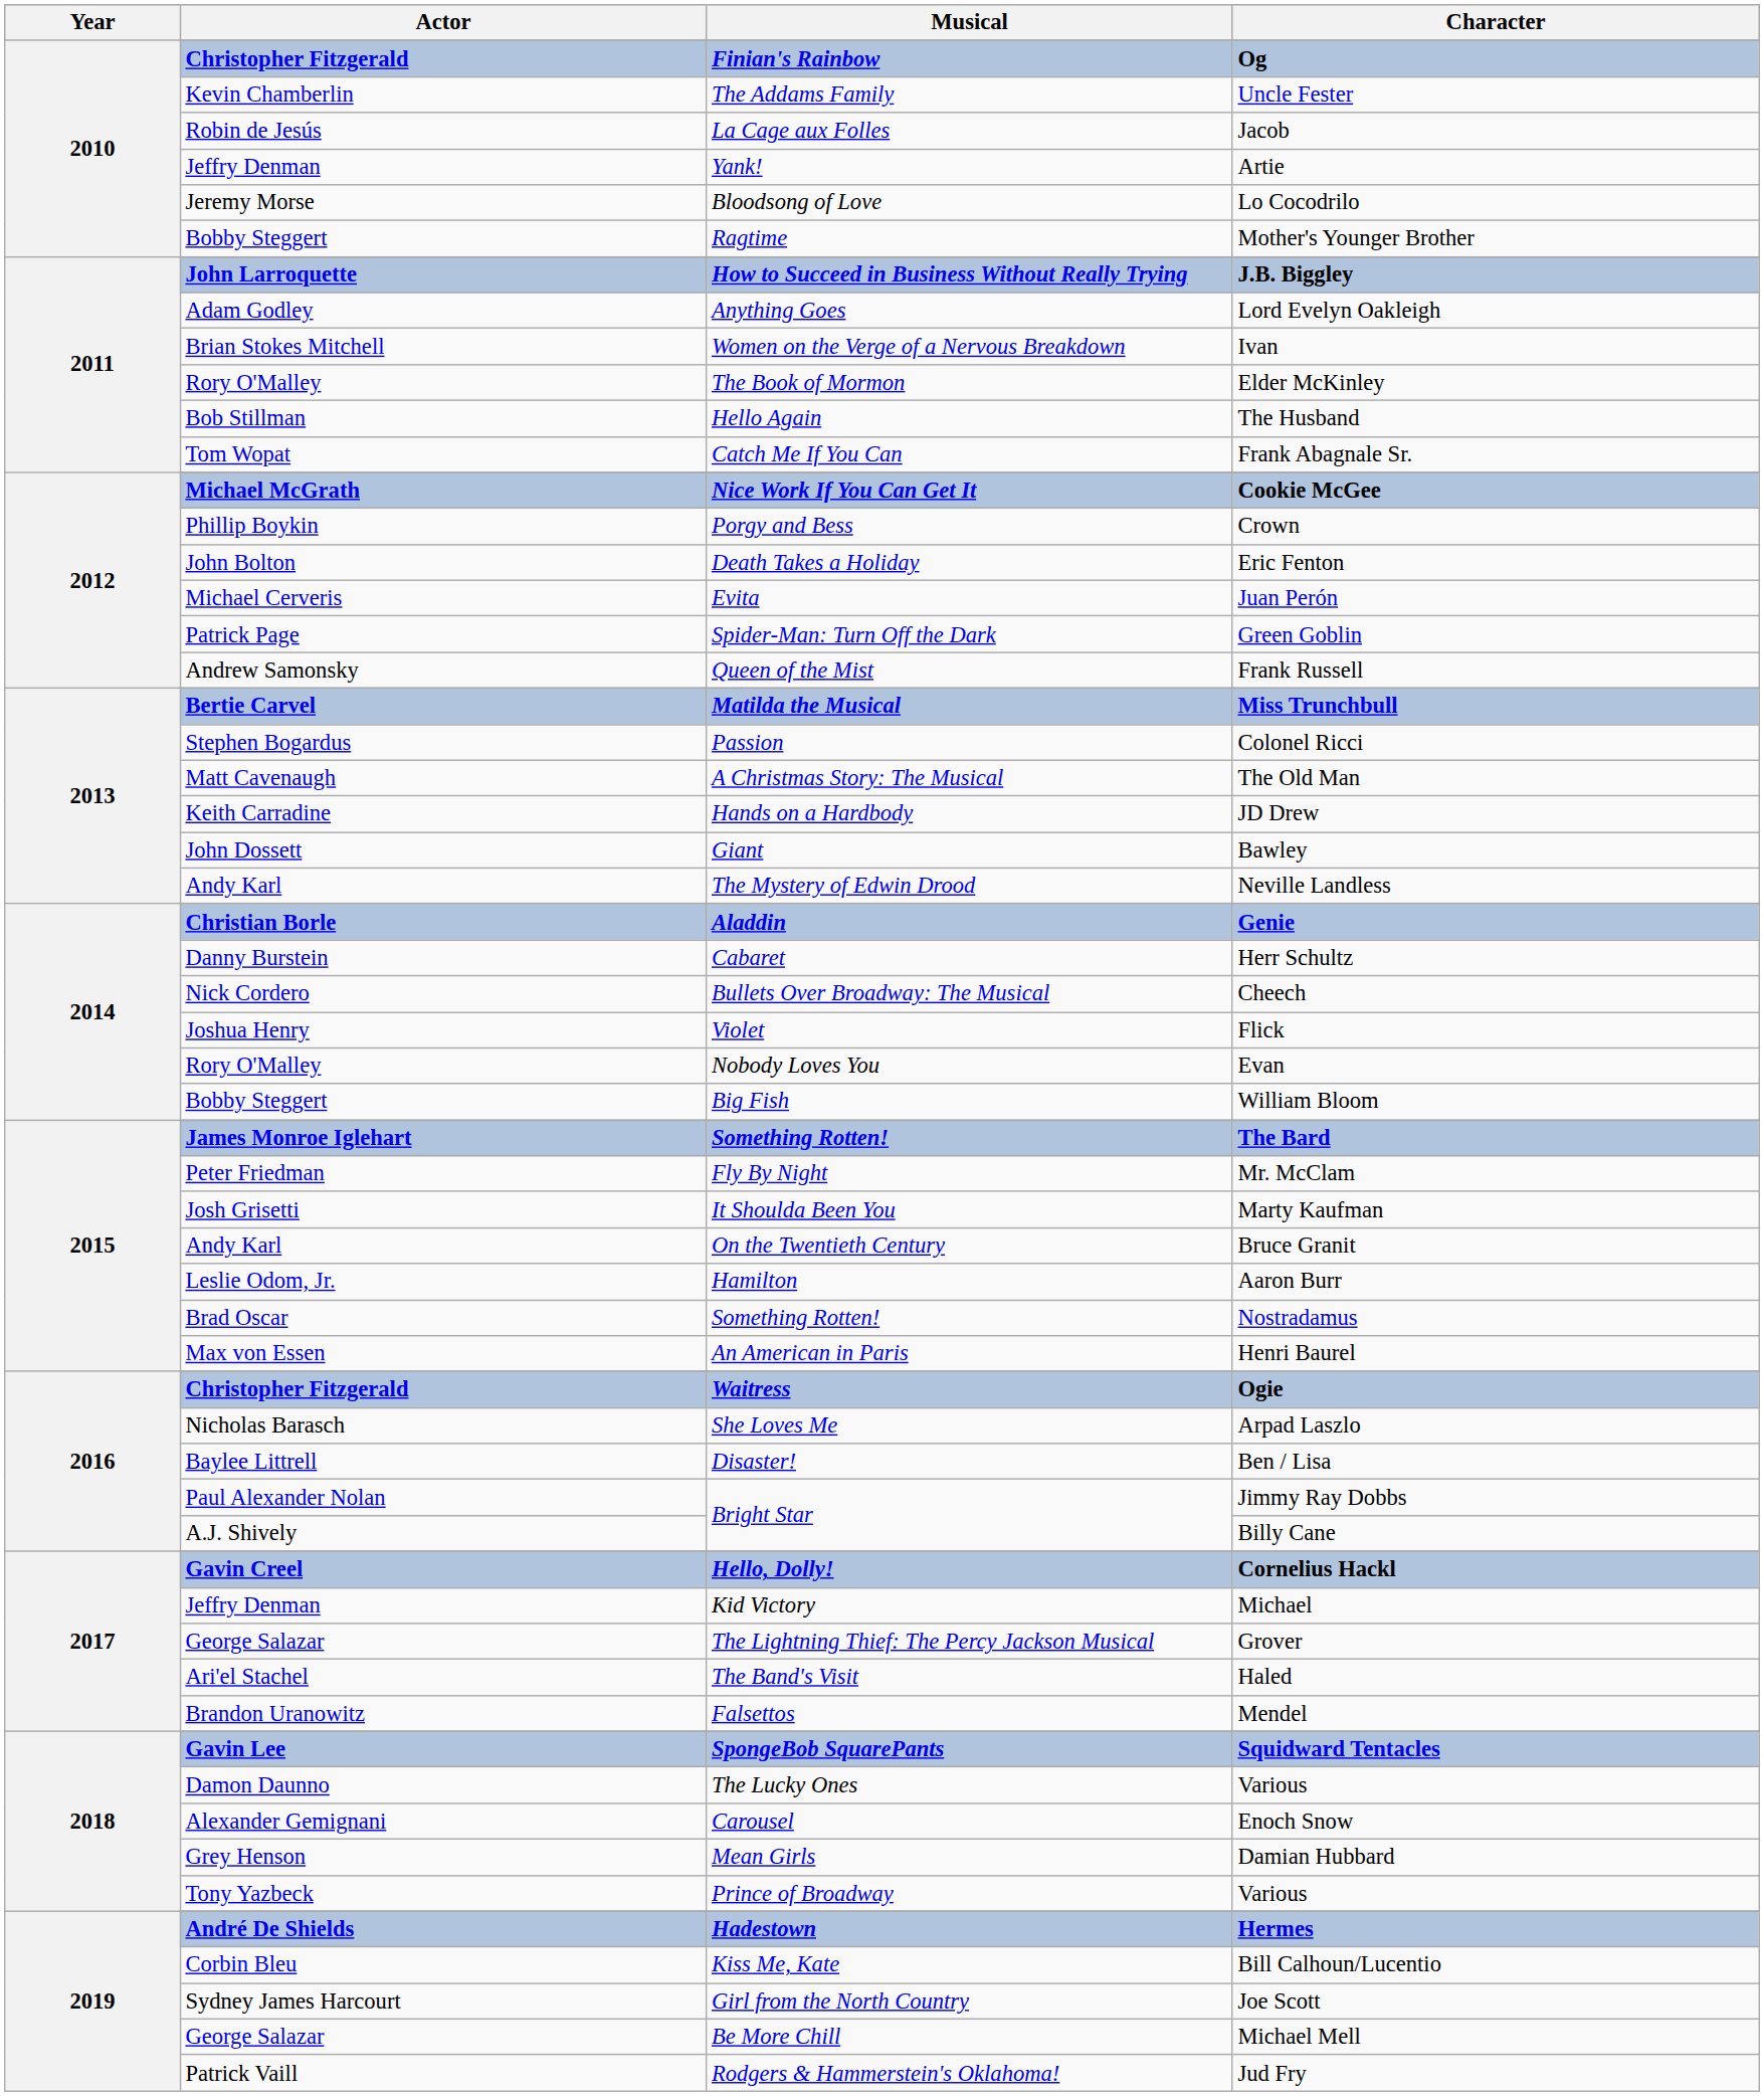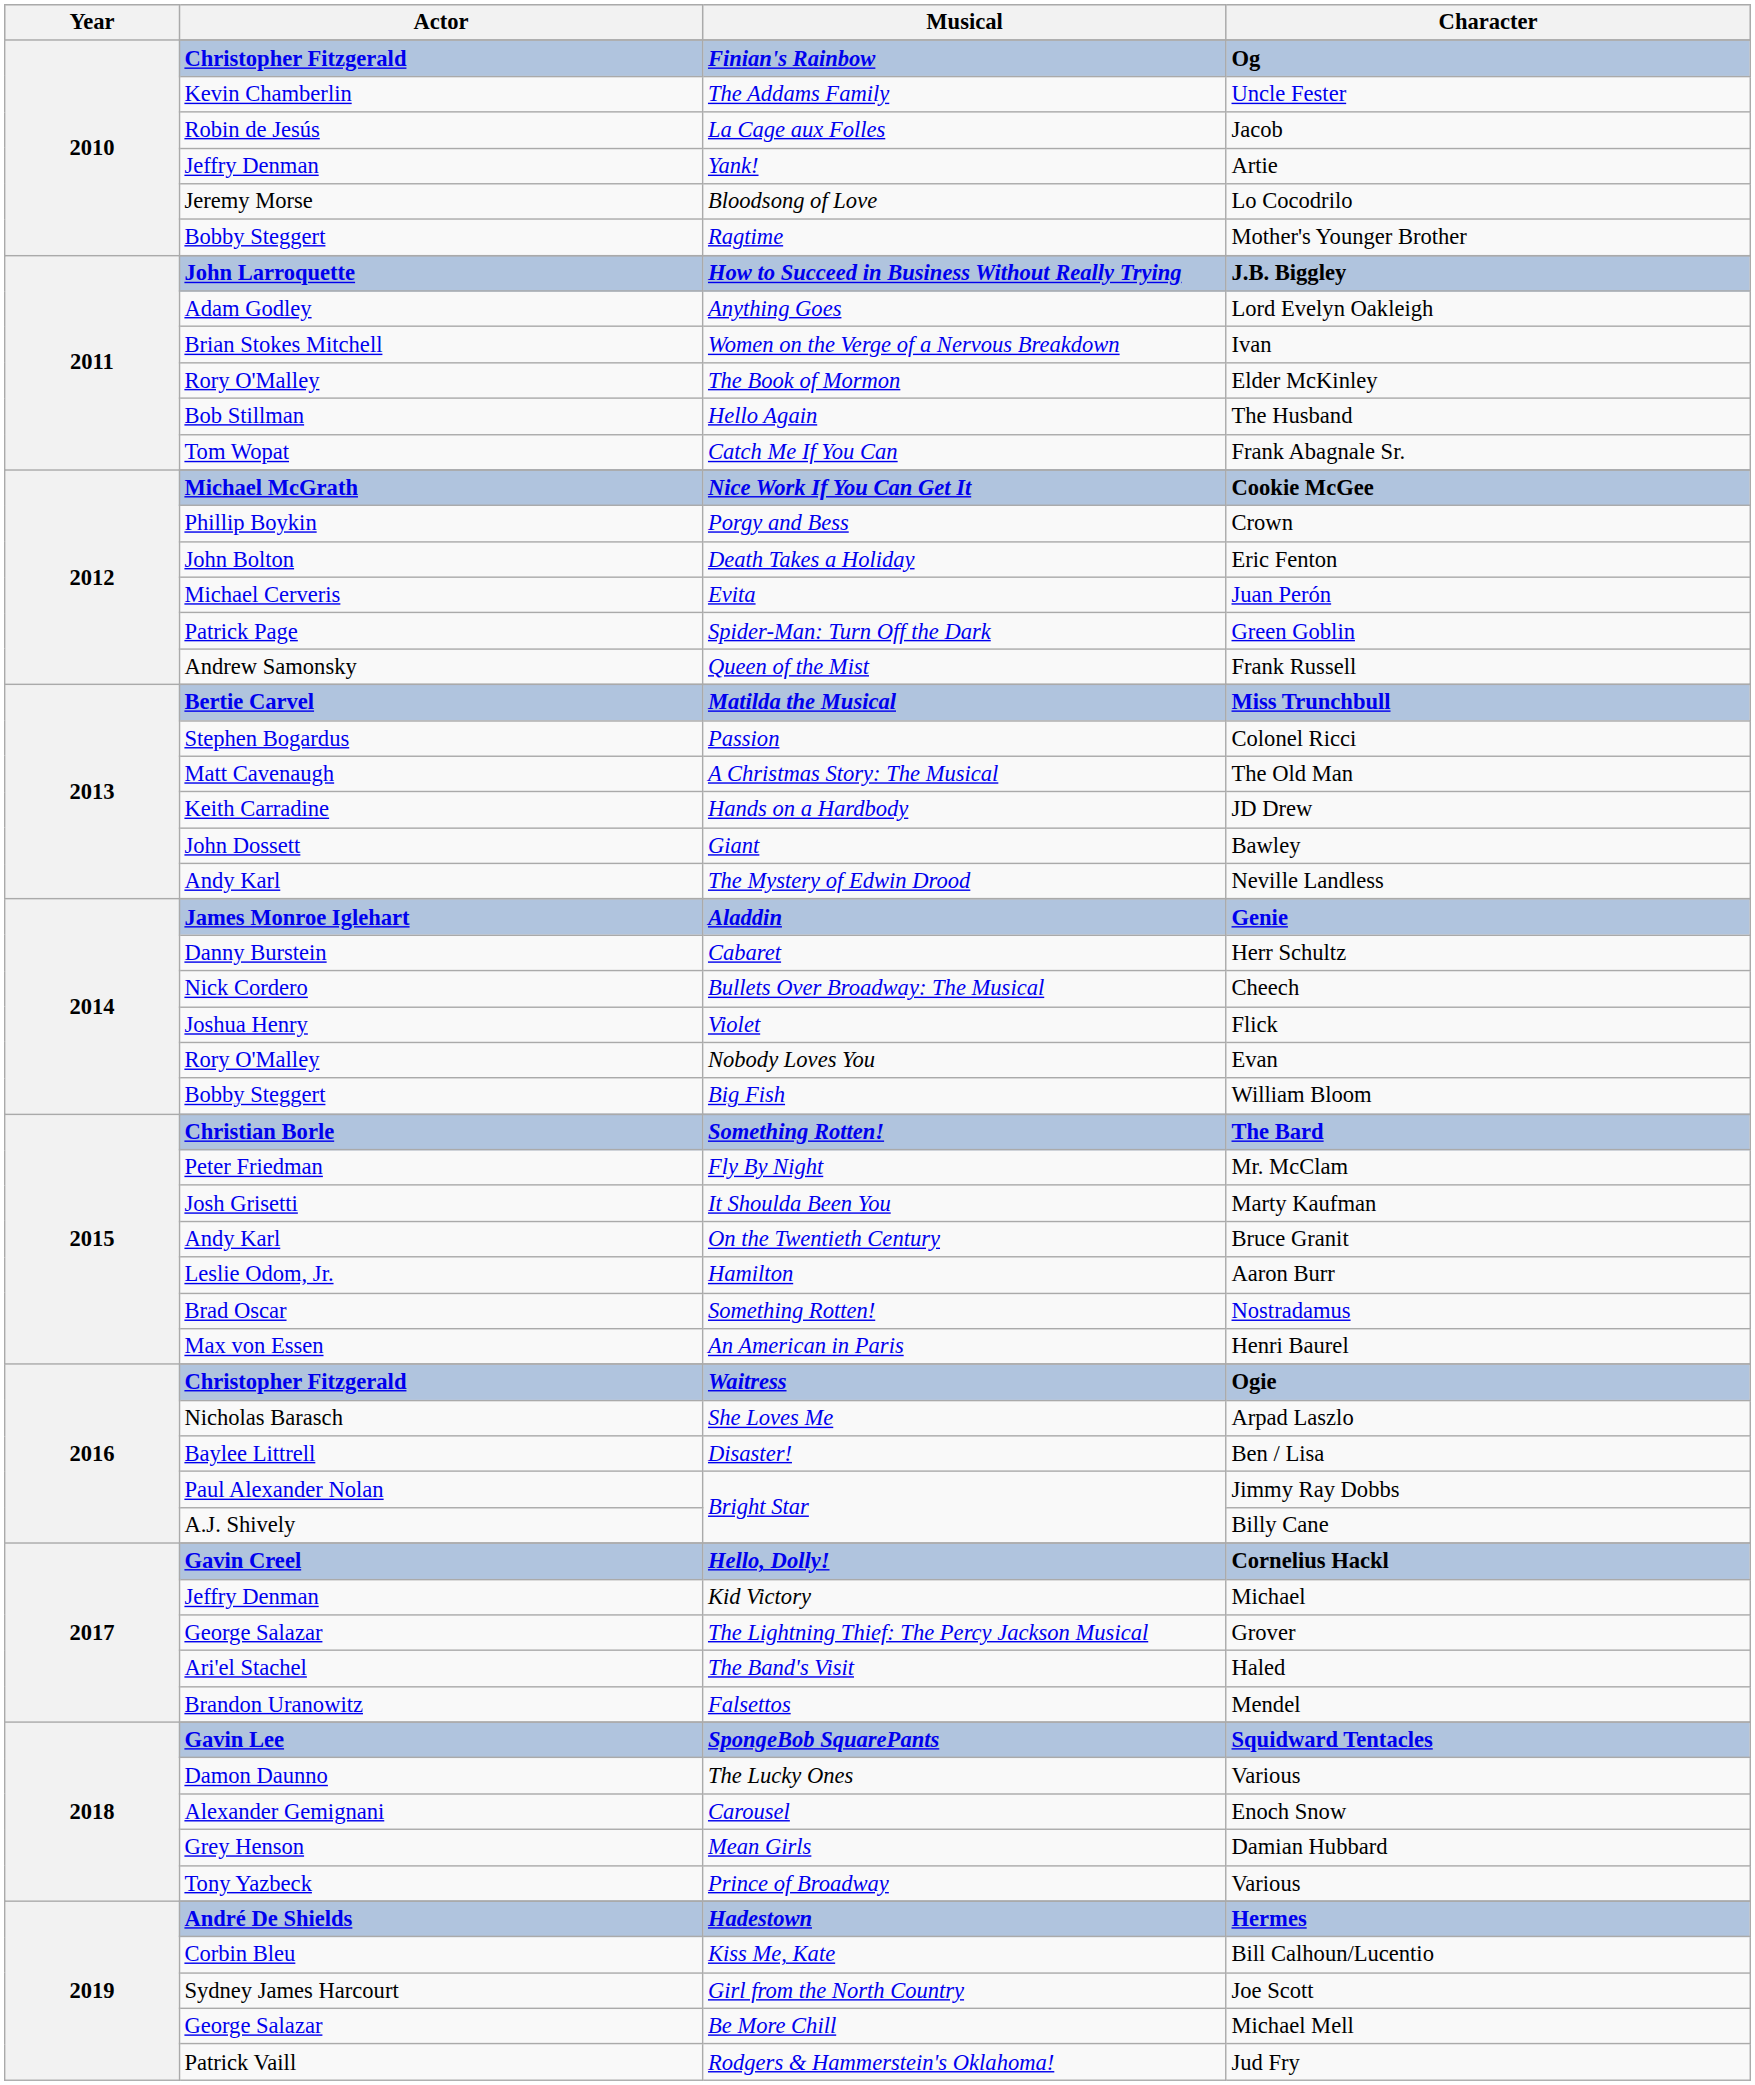 <table class="wikitable" style="width:98%;">
 <tr style="background:#bebebe;">
 <th style="width:10%;">Year</th>
 <th style="width:30%;">Actor</th>
 <th style="width:30%;">Musical</th>
 <th style="width:30%;">Character</th>
 </tr>
 <tr>
 <th rowspan="7">2010</th>
 </tr>
 <tr style="background:#B0C4DE">
 <td><strong><a href='#'>Christopher Fitzgerald</a></strong></td>
 <td><strong><em><a href='#'>Finian's Rainbow</a></em></strong></td>
 <td><strong>Og </strong></td>
 </tr>
 <tr>
 <td><a href='#'>Kevin Chamberlin</a></td>
 <td><em><a href='#'>The Addams Family</a></em></td>
 <td><a href='#'>Uncle Fester</a></td>
 </tr>
 <tr>
 <td><a href='#'>Robin de Jesús</a></td>
 <td><em><a href='#'>La Cage aux Folles</a></em></td>
 <td>Jacob</td>
 </tr>
 <tr>
 <td><a href='#'>Jeffry Denman</a></td>
 <td><em><a href='#'>Yank!</a></em></td>
 <td>Artie</td>
 </tr>
 <tr>
 <td>Jeremy Morse</td>
 <td><em>Bloodsong of Love</em></td>
 <td>Lo Cocodrilo</td>
 </tr>
 <tr>
 <td><a href='#'>Bobby Steggert</a></td>
 <td><em><a href='#'>Ragtime</a></em></td>
 <td>Mother's Younger Brother</td>
 </tr>
 <tr>
 <th rowspan="7">2011</th>
 </tr>
 <tr style="background:#B0C4DE">
 <td><strong><a href='#'>John Larroquette</a></strong></td>
 <td><strong><em><a href='#'>How to Succeed in Business Without Really Trying</a></em></strong></td>
 <td><strong>J.B. Biggley </strong></td>
 </tr>
 <tr>
 <td><a href='#'>Adam Godley</a></td>
 <td><em><a href='#'>Anything Goes</a></em></td>
 <td>Lord Evelyn Oakleigh</td>
 </tr>
 <tr>
 <td><a href='#'>Brian Stokes Mitchell</a></td>
 <td><em><a href='#'>Women on the Verge of a Nervous Breakdown</a></em></td>
 <td>Ivan</td>
 </tr>
 <tr>
 <td><a href='#'>Rory O'Malley</a></td>
 <td><em><a href='#'>The Book of Mormon</a></em></td>
 <td>Elder McKinley</td>
 </tr>
 <tr>
 <td><a href='#'>Bob Stillman</a></td>
 <td><em><a href='#'>Hello Again</a></em></td>
 <td>The Husband</td>
 </tr>
 <tr>
 <td><a href='#'>Tom Wopat</a></td>
 <td><em><a href='#'>Catch Me If You Can</a></em></td>
 <td>Frank Abagnale Sr.</td>
 </tr>
 <tr>
 <th rowspan="7">2012</th>
 </tr>
 <tr style="background:#B0C4DE">
 <td><strong><a href='#'>Michael McGrath</a></strong></td>
 <td><strong><em><a href='#'>Nice Work If You Can Get It</a></em></strong></td>
 <td><strong>Cookie McGee </strong></td>
 </tr>
 <tr>
 <td><a href='#'>Phillip Boykin</a></td>
 <td><em><a href='#'>Porgy and Bess</a></em></td>
 <td>Crown</td>
 </tr>
 <tr>
 <td><a href='#'>John Bolton</a></td>
 <td><em><a href='#'>Death Takes a Holiday</a></em></td>
 <td>Eric Fenton</td>
 </tr>
 <tr>
 <td><a href='#'>Michael Cerveris</a></td>
 <td><em><a href='#'>Evita</a></em></td>
 <td><a href='#'>Juan Perón</a></td>
 </tr>
 <tr>
 <td><a href='#'>Patrick Page</a></td>
 <td><em><a href='#'>Spider-Man: Turn Off the Dark</a></em></td>
 <td><a href='#'>Green Goblin</a></td>
 </tr>
 <tr>
 <td>Andrew Samonsky</td>
 <td><em><a href='#'>Queen of the Mist</a></em></td>
 <td>Frank Russell</td>
 </tr>
 <tr>
 <th rowspan="7">2013</th>
 </tr>
 <tr style="background:#B0C4DE">
 <td><strong><a href='#'>Bertie Carvel</a></strong></td>
 <td><strong><em><a href='#'>Matilda the Musical</a></em></strong></td>
 <td><strong><a href='#'>Miss Trunchbull</a> </strong></td>
 </tr>
 <tr>
 <td><a href='#'>Stephen Bogardus</a></td>
 <td><em><a href='#'>Passion</a></em></td>
 <td>Colonel Ricci</td>
 </tr>
 <tr>
 <td><a href='#'>Matt Cavenaugh</a></td>
 <td><em><a href='#'>A Christmas Story: The Musical</a></em></td>
 <td>The Old Man</td>
 </tr>
 <tr>
 <td><a href='#'>Keith Carradine</a></td>
 <td><em><a href='#'>Hands on a Hardbody</a></em></td>
 <td>JD Drew</td>
 </tr>
 <tr>
 <td><a href='#'>John Dossett</a></td>
 <td><em><a href='#'>Giant</a></em></td>
 <td>Bawley</td>
 </tr>
 <tr>
 <td><a href='#'>Andy Karl</a></td>
 <td><em><a href='#'>The Mystery of Edwin Drood</a></em></td>
 <td>Neville Landless</td>
 </tr>
 <tr>
 <th rowspan="7">2014</th>
 </tr>
 <tr style="background:#B0C4DE">
-<td><strong><a href='#'>Christian Borle</a></strong></td>
+<td><strong><a href='#'>James Monroe Iglehart</a></strong></td>
 <td><strong><em><a href='#'>Aladdin</a></em></strong></td>
 <td><strong><a href='#'>Genie</a> </strong></td>
 </tr>
 <tr>
 <td><a href='#'>Danny Burstein</a></td>
 <td><em><a href='#'>Cabaret</a></em></td>
 <td>Herr Schultz</td>
 </tr>
 <tr>
 <td><a href='#'>Nick Cordero</a></td>
 <td><em><a href='#'>Bullets Over Broadway: The Musical</a></em></td>
 <td>Cheech</td>
 </tr>
 <tr>
 <td><a href='#'>Joshua Henry</a></td>
 <td><em><a href='#'>Violet</a></em></td>
 <td>Flick</td>
 </tr>
 <tr>
 <td><a href='#'>Rory O'Malley</a></td>
 <td><em>Nobody Loves You</em></td>
 <td>Evan</td>
 </tr>
 <tr>
 <td><a href='#'>Bobby Steggert</a></td>
 <td><em><a href='#'>Big Fish</a></em></td>
 <td>William Bloom</td>
 </tr>
 <tr>
 <th rowspan="8">2015</th>
 </tr>
 <tr style="background:#B0C4DE">
-<td><strong><a href='#'>James Monroe Iglehart</a></strong></td>
+<td><strong><a href='#'>Christian Borle</a></strong></td>
 <td><strong><em><a href='#'>Something Rotten!</a></em></strong></td>
 <td><strong><a href='#'>The Bard</a> </strong></td>
 </tr>
 <tr>
 <td><a href='#'>Peter Friedman</a></td>
 <td><em><a href='#'>Fly By Night</a></em></td>
 <td>Mr. McClam</td>
 </tr>
 <tr>
 <td><a href='#'>Josh Grisetti</a></td>
 <td><em><a href='#'>It Shoulda Been You</a></em></td>
 <td>Marty Kaufman</td>
 </tr>
 <tr>
 <td><a href='#'>Andy Karl</a></td>
 <td><em><a href='#'>On the Twentieth Century</a></em></td>
 <td>Bruce Granit</td>
 </tr>
 <tr>
 <td><a href='#'>Leslie Odom, Jr.</a></td>
 <td><em><a href='#'>Hamilton</a></em></td>
 <td>Aaron Burr</td>
 </tr>
 <tr>
 <td><a href='#'>Brad Oscar</a></td>
 <td><em><a href='#'>Something Rotten!</a></em></td>
 <td><a href='#'>Nostradamus</a></td>
 </tr>
 <tr>
 <td><a href='#'>Max von Essen</a></td>
 <td><em><a href='#'>An American in Paris</a></em></td>
 <td>Henri Baurel</td>
 </tr>
 <tr>
 <th rowspan="6">2016</th>
 </tr>
 <tr style="background:#B0C4DE">
 <td><strong><a href='#'>Christopher Fitzgerald</a></strong></td>
 <td><strong><em><a href='#'>Waitress</a></em></strong></td>
 <td><strong>Ogie </strong></td>
 </tr>
 <tr>
 <td>Nicholas Barasch</td>
 <td><em><a href='#'>She Loves Me</a></em></td>
 <td>Arpad Laszlo</td>
 </tr>
 <tr>
 <td><a href='#'>Baylee Littrell</a></td>
 <td><em><a href='#'>Disaster!</a></em></td>
 <td>Ben / Lisa</td>
 </tr>
 <tr>
 <td><a href='#'>Paul Alexander Nolan</a></td>
 <td rowspan="2"><em><a href='#'>Bright Star</a></em></td>
 <td>Jimmy Ray Dobbs</td>
 </tr>
 <tr>
 <td>A.J. Shively</td>
 <td>Billy Cane</td>
 </tr>
 <tr>
 <th rowspan="6">2017</th>
 </tr>
 <tr style="background:#B0C4DE">
 <td><strong><a href='#'>Gavin Creel</a></strong></td>
 <td><strong><em><a href='#'>Hello, Dolly!</a></em></strong></td>
 <td><strong>Cornelius Hackl </strong></td>
 </tr>
 <tr>
 <td><a href='#'>Jeffry Denman</a></td>
 <td><em>Kid Victory</em></td>
 <td>Michael</td>
 </tr>
 <tr>
 <td><a href='#'>George Salazar</a></td>
 <td><em><a href='#'>The Lightning Thief: The Percy Jackson Musical</a></em></td>
 <td>Grover</td>
 </tr>
 <tr>
 <td><a href='#'>Ari'el Stachel</a></td>
 <td><em><a href='#'>The Band's Visit</a></em></td>
 <td>Haled</td>
 </tr>
 <tr>
 <td><a href='#'>Brandon Uranowitz</a></td>
 <td><em><a href='#'>Falsettos</a></em></td>
 <td>Mendel</td>
 </tr>
 <tr>
 <th rowspan="6">2018</th>
 </tr>
 <tr style="background:#B0C4DE">
 <td><strong><a href='#'>Gavin Lee</a></strong></td>
 <td><strong><em><a href='#'>SpongeBob SquarePants</a></em></strong></td>
 <td><strong><a href='#'>Squidward Tentacles</a> </strong></td>
 </tr>
 <tr>
 <td><a href='#'>Damon Daunno</a></td>
 <td><em>The Lucky Ones</em></td>
 <td>Various</td>
 </tr>
 <tr>
 <td><a href='#'>Alexander Gemignani</a></td>
 <td><em><a href='#'>Carousel</a></em></td>
 <td>Enoch Snow</td>
 </tr>
 <tr>
 <td><a href='#'>Grey Henson</a></td>
 <td><em><a href='#'>Mean Girls</a></em></td>
 <td>Damian Hubbard</td>
 </tr>
 <tr>
 <td><a href='#'>Tony Yazbeck</a></td>
 <td><em><a href='#'>Prince of Broadway</a></em></td>
 <td>Various</td>
 </tr>
 <tr>
 <th rowspan="6">2019</th>
 </tr>
 <tr style="background:#B0C4DE">
 <td><strong><a href='#'>André De Shields</a></strong></td>
 <td><strong><em><a href='#'>Hadestown</a></em></strong></td>
 <td><strong><a href='#'>Hermes</a> </strong></td>
 </tr>
 <tr>
 <td><a href='#'>Corbin Bleu</a></td>
 <td><em><a href='#'>Kiss Me, Kate</a></em></td>
 <td>Bill Calhoun/Lucentio</td>
 </tr>
 <tr>
 <td>Sydney James Harcourt</td>
 <td><em><a href='#'>Girl from the North Country</a></em></td>
 <td>Joe Scott</td>
 </tr>
 <tr>
 <td><a href='#'>George Salazar</a></td>
 <td><em><a href='#'>Be More Chill</a></em></td>
 <td>Michael Mell</td>
 </tr>
 <tr>
 <td>Patrick Vaill</td>
 <td><em><a href='#'>Rodgers & Hammerstein's Oklahoma!</a></em></td>
 <td>Jud Fry</td>
 </tr>
 </table>
